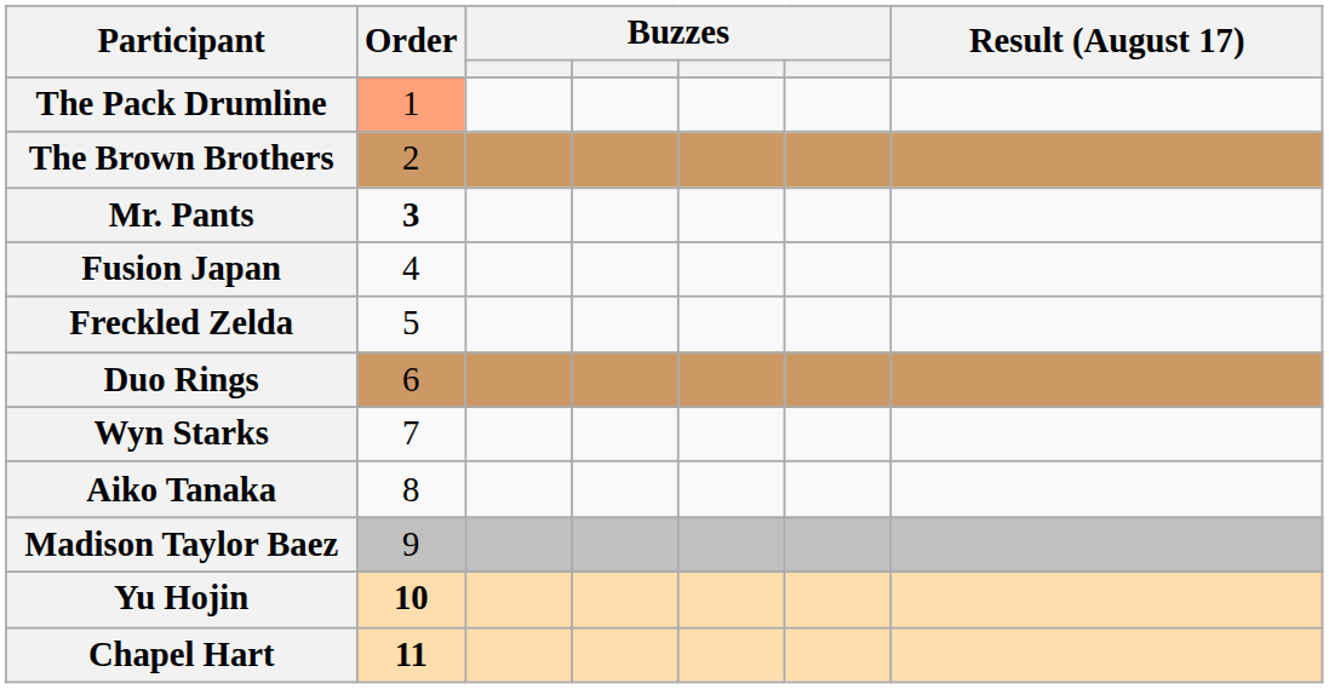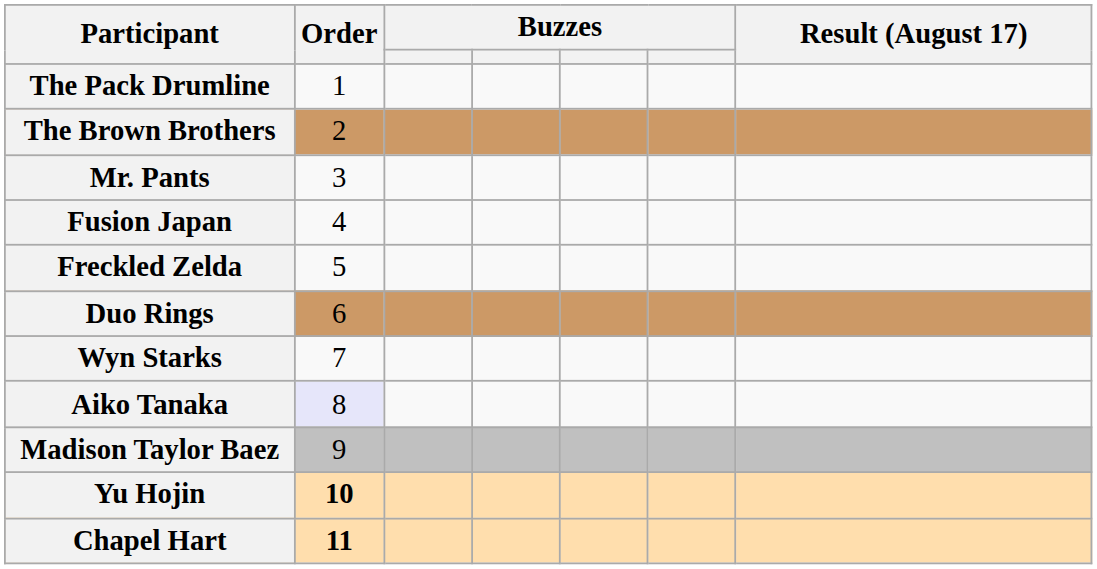 <table class="wikitable plainrowheaders sortable" style="text-align:center;">
 <tr>
 <th scope="col" rowspan="2" class="unsortable" style="width:17em;">Participant</th>
 <th scope="col" rowspan="2" style="width:1em;">Order</th>
 <th scope="col" colspan="4" class="unsortable" style="width:24em;">Buzzes</th>
 <th scope="col" rowspan="2" style="width:25em;">Result (August 17)</th>
 </tr>
 <tr>
 <th scope="col" class="unsortable" style="width:6em;"></th>
 <th scope="col" class="unsortable" style="width:6em;"></th>
 <th scope="col" class="unsortable" style="width:6em;"></th>
 <th scope="col" class="unsortable" style="width:6em;"></th>
 </tr>
 <tr>
 <th scope="row">The Pack Drumline</th>
-<td style="background: lightsalmon;">1</td>
+<td>1</td>
 <td style="text-align:center;"></td>
 <td style="text-align:center;"></td>
 <td style="text-align:center;"></td>
 <td style="text-align:center;"></td>
 <td></td>
 </tr>
 <tr bgcolor=#c96>
 <th scope="row">The Brown Brothers</th>
 <td>2</td>
 <td style="text-align:center;"></td>
 <td style="text-align:center;"></td>
 <td style="text-align:center;"></td>
 <td style="text-align:center;"></td>
 <td></td>
 </tr>
 <tr>
 <th scope="row">Mr. Pants</th>
-<td><strong>3</strong></td>
+<td>3</td>
 <td style="text-align:center;"></td>
 <td style="text-align:center;"></td>
 <td style="text-align:center;"></td>
 <td style="text-align:center;"></td>
 <td></td>
 </tr>
 <tr>
 <th scope="row">Fusion Japan</th>
 <td>4</td>
 <td style="text-align:center;"></td>
 <td style="text-align:center;"></td>
 <td style="text-align:center;"></td>
 <td style="text-align:center;"></td>
 <td></td>
 </tr>
 <tr>
 <th scope="row">Freckled Zelda</th>
 <td>5</td>
 <td style="text-align:center;"></td>
 <td style="text-align:center;"></td>
 <td style="text-align:center;"></td>
 <td style="text-align:center;"></td>
 <td></td>
 </tr>
 <tr bgcolor=#c96>
 <th scope="row">Duo Rings</th>
 <td>6</td>
 <td style="text-align:center;"></td>
 <td style="text-align:center;"></td>
 <td style="text-align:center;"></td>
 <td style="text-align:center;"></td>
 <td></td>
 </tr>
 <tr>
 <th scope="row">Wyn Starks</th>
 <td>7</td>
 <td style="text-align:center;"></td>
 <td style="text-align:center;"></td>
 <td style="text-align:center;"></td>
 <td style="text-align:center;"></td>
 <td></td>
 </tr>
 <tr>
 <th scope="row">Aiko Tanaka</th>
-<td>8</td>
+<td style="background: lavender;">8</td>
 <td style="text-align:center;"></td>
 <td style="text-align:center;"></td>
 <td style="text-align:center;"></td>
 <td style="text-align:center;"></td>
 <td></td>
 </tr>
 <tr bgcolor=silver>
 <th scope="row">Madison Taylor Baez</th>
 <td>9</td>
 <td style="text-align:center;"></td>
 <td style="text-align:center;"></td>
 <td style="text-align:center;"></td>
 <td style="text-align:center;"></td>
 <td></td>
 </tr>
 <tr bgcolor=NavajoWhite>
 <th scope="row"><strong>Yu Hojin</strong></th>
 <td><strong>10</strong></td>
 <td style="text-align:center;"></td>
 <td style="text-align:center;"></td>
 <td style="text-align:center;"></td>
 <td style="text-align:center;"></td>
 <td><strong></strong></td>
 </tr>
 <tr bgcolor=NavajoWhite>
 <th scope="row"><strong>Chapel Hart</strong></th>
 <td><strong>11</strong></td>
 <td style="text-align:center;"></td>
 <td style="text-align:center;"></td>
 <td style="text-align:center;"></td>
 <td style="text-align:center;"></td>
 <td><strong></strong></td>
 </tr>
 </table>
